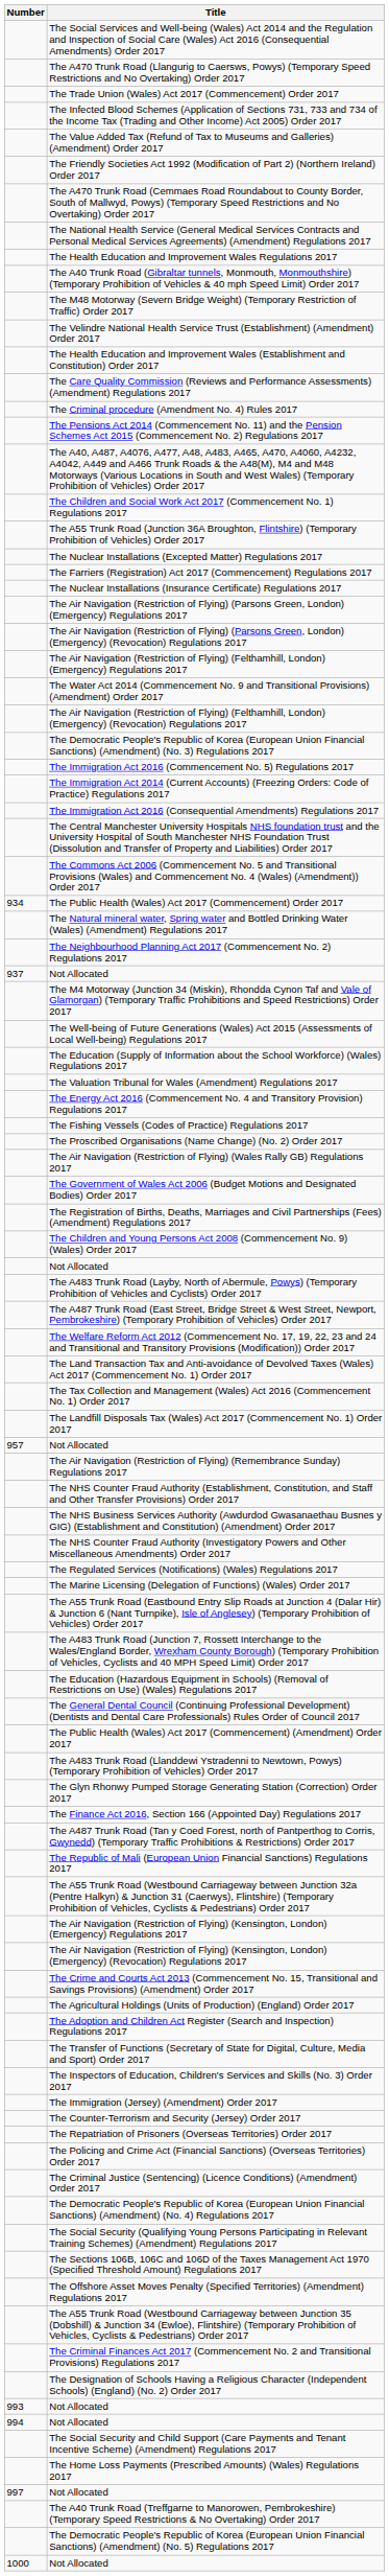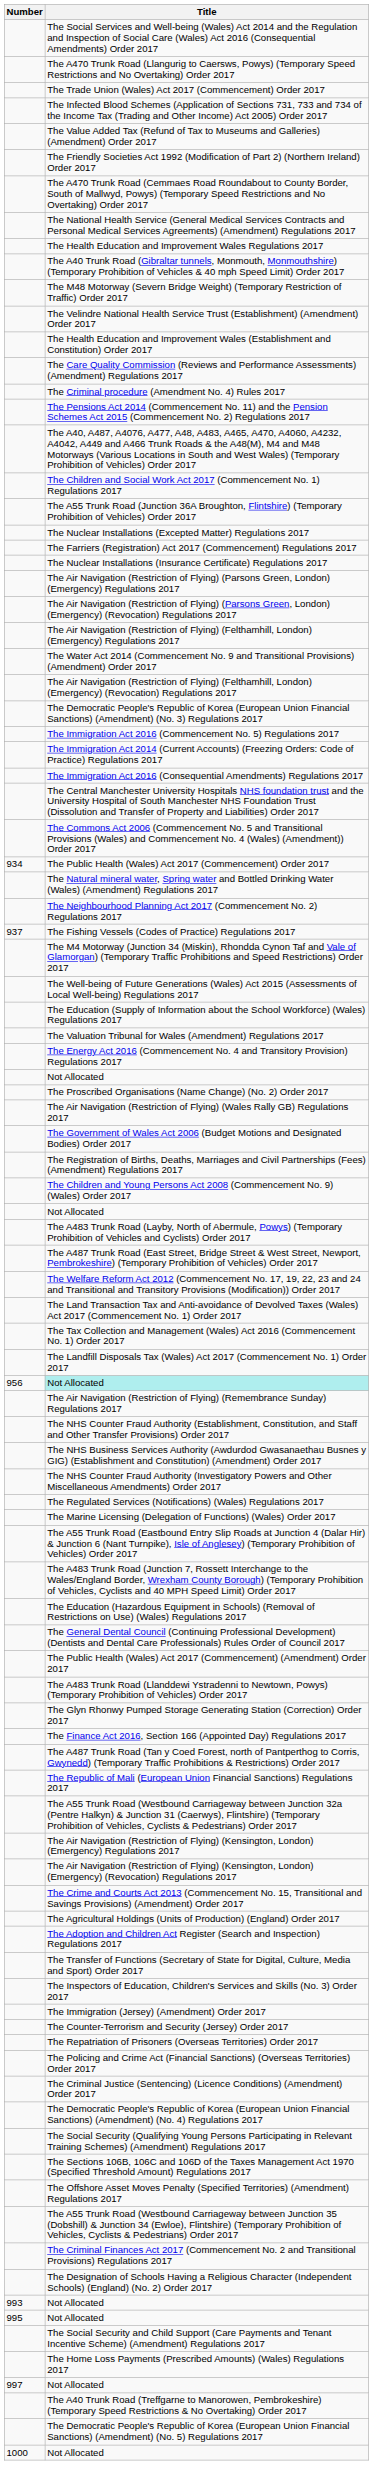 <table class="wikitable collapsible">
 <tr>
 <th>Number</th>
 <th>Title</th>
 </tr>
 <tr>
 <td></td>
 <td>The Social Services and Well-being (Wales) Act 2014 and the Regulation and Inspection of Social Care (Wales) Act 2016 (Consequential Amendments) Order 2017</td>
 </tr>
 <tr>
 <td></td>
 <td>The A470 Trunk Road (Llangurig to Caersws, Powys) (Temporary Speed Restrictions and No Overtaking) Order 2017</td>
 </tr>
 <tr>
 <td></td>
 <td>The Trade Union (Wales) Act 2017 (Commencement) Order 2017</td>
 </tr>
 <tr>
 <td></td>
 <td>The Infected Blood Schemes (Application of Sections 731, 733 and 734 of the Income Tax (Trading and Other Income) Act 2005) Order 2017</td>
 </tr>
 <tr>
 <td></td>
 <td>The Value Added Tax (Refund of Tax to Museums and Galleries) (Amendment) Order 2017</td>
 </tr>
 <tr>
 <td></td>
 <td>The Friendly Societies Act 1992 (Modification of Part 2) (Northern Ireland) Order 2017</td>
 </tr>
 <tr>
 <td></td>
 <td>The A470 Trunk Road (Cemmaes Road Roundabout to County Border, South of Mallwyd, Powys) (Temporary Speed Restrictions and No Overtaking) Order 2017</td>
 </tr>
 <tr>
 <td></td>
 <td>The National Health Service (General Medical Services Contracts and Personal Medical Services Agreements) (Amendment) Regulations 2017</td>
 </tr>
 <tr>
 <td></td>
 <td>The Health Education and Improvement Wales Regulations 2017</td>
 </tr>
 <tr>
 <td></td>
 <td>The A40 Trunk Road (<a href='#'>Gibraltar tunnels</a>, Monmouth, <a href='#'>Monmouthshire</a>) (Temporary Prohibition of Vehicles & 40 mph Speed Limit) Order 2017</td>
 </tr>
 <tr>
 <td></td>
 <td>The M48 Motorway (Severn Bridge Weight) (Temporary Restriction of Traffic) Order 2017</td>
 </tr>
 <tr>
 <td></td>
 <td>The Velindre National Health Service Trust (Establishment) (Amendment) Order 2017</td>
 </tr>
 <tr>
 <td></td>
 <td>The Health Education and Improvement Wales (Establishment and Constitution) Order 2017</td>
 </tr>
 <tr>
 <td></td>
 <td>The <a href='#'>Care Quality Commission</a> (Reviews and Performance Assessments) (Amendment) Regulations 2017</td>
 </tr>
 <tr>
 <td></td>
 <td>The <a href='#'>Criminal procedure</a> (Amendment No. 4) Rules 2017</td>
 </tr>
 <tr>
 <td></td>
 <td><a href='#'>The Pensions Act 2014</a> (Commencement No. 11) and the <a href='#'>Pension Schemes Act 2015</a> (Commencement No. 2) Regulations 2017</td>
 </tr>
 <tr>
 <td></td>
 <td>The A40, A487, A4076, A477, A48, A483, A465, A470, A4060, A4232, A4042, A449 and A466 Trunk Roads & the A48(M), M4 and M48 Motorways (Various Locations in South and West Wales) (Temporary Prohibition of Vehicles) Order 2017</td>
 </tr>
 <tr>
 <td></td>
 <td><a href='#'>The Children and Social Work Act 2017</a> (Commencement No. 1) Regulations 2017</td>
 </tr>
 <tr>
 <td></td>
 <td>The A55 Trunk Road (Junction 36A Broughton, <a href='#'>Flintshire</a>) (Temporary Prohibition of Vehicles) Order 2017</td>
 </tr>
 <tr>
 <td></td>
 <td>The Nuclear Installations (Excepted Matter) Regulations 2017</td>
 </tr>
 <tr>
 <td></td>
 <td>The Farriers (Registration) Act 2017 (Commencement) Regulations 2017</td>
 </tr>
 <tr>
 <td></td>
 <td>The Nuclear Installations (Insurance Certificate) Regulations 2017</td>
 </tr>
 <tr>
 <td></td>
 <td>The Air Navigation (Restriction of Flying) (Parsons Green, London) (Emergency) Regulations 2017</td>
 </tr>
 <tr>
 <td></td>
 <td>The Air Navigation (Restriction of Flying) (<a href='#'>Parsons Green</a>, London) (Emergency) (Revocation) Regulations 2017</td>
 </tr>
 <tr>
 <td></td>
 <td>The Air Navigation (Restriction of Flying) (Felthamhill, London) (Emergency) Regulations 2017</td>
 </tr>
 <tr>
 <td></td>
 <td>The Water Act 2014 (Commencement No. 9 and Transitional Provisions) (Amendment) Order 2017</td>
 </tr>
 <tr>
 <td></td>
 <td>The Air Navigation (Restriction of Flying) (Felthamhill, London) (Emergency) (Revocation) Regulations 2017</td>
 </tr>
 <tr>
 <td></td>
 <td>The Democratic People's Republic of Korea (European Union Financial Sanctions) (Amendment) (No. 3) Regulations 2017</td>
 </tr>
 <tr>
 <td></td>
 <td><a href='#'>The Immigration Act 2016</a> (Commencement No. 5) Regulations 2017</td>
 </tr>
 <tr>
 <td></td>
 <td><a href='#'>The Immigration Act 2014</a> (Current Accounts) (Freezing Orders: Code of Practice) Regulations 2017</td>
 </tr>
 <tr>
 <td></td>
 <td><a href='#'>The Immigration Act 2016</a> (Consequential Amendments) Regulations 2017</td>
 </tr>
 <tr>
 <td></td>
 <td>The Central Manchester University Hospitals <a href='#'>NHS foundation trust</a> and the University Hospital of South Manchester NHS Foundation Trust (Dissolution and Transfer of Property and Liabilities) Order 2017</td>
 </tr>
 <tr>
 <td></td>
 <td><a href='#'>The Commons Act 2006</a> (Commencement No. 5 and Transitional Provisions (Wales) and Commencement No. 4 (Wales) (Amendment)) Order 2017</td>
 </tr>
 <tr>
 <td>934</td>
 <td>The Public Health (Wales) Act 2017 (Commencement) Order 2017</td>
 </tr>
 <tr>
 <td></td>
 <td>The <a href='#'>Natural mineral water</a>, <a href='#'>Spring water</a> and Bottled Drinking Water (Wales) (Amendment) Regulations 2017</td>
 </tr>
 <tr>
 <td></td>
 <td><a href='#'>The Neighbourhood Planning Act 2017</a> (Commencement No. 2) Regulations 2017</td>
 </tr>
 <tr>
 <td>937</td>
-<td>Not Allocated</td>
+<td>The Fishing Vessels (Codes of Practice) Regulations 2017</td>
 </tr>
 <tr>
 <td></td>
 <td>The M4 Motorway (Junction 34 (Miskin), Rhondda Cynon Taf and <a href='#'>Vale of Glamorgan</a>) (Temporary Traffic Prohibitions and Speed Restrictions) Order 2017</td>
 </tr>
 <tr>
 <td></td>
 <td>The Well-being of Future Generations (Wales) Act 2015 (Assessments of Local Well-being) Regulations 2017</td>
 </tr>
 <tr>
 <td></td>
 <td>The Education (Supply of Information about the School Workforce) (Wales) Regulations 2017</td>
 </tr>
 <tr>
 <td></td>
 <td>The Valuation Tribunal for Wales (Amendment) Regulations 2017</td>
 </tr>
 <tr>
 <td></td>
 <td><a href='#'>The Energy Act 2016</a> (Commencement No. 4 and Transitory Provision) Regulations 2017</td>
 </tr>
 <tr>
 <td></td>
-<td>The Fishing Vessels (Codes of Practice) Regulations 2017</td>
+<td>Not Allocated</td>
 </tr>
 <tr>
 <td></td>
 <td>The Proscribed Organisations (Name Change) (No. 2) Order 2017</td>
 </tr>
 <tr>
 <td></td>
 <td>The Air Navigation (Restriction of Flying) (Wales Rally GB) Regulations 2017</td>
 </tr>
 <tr>
 <td></td>
 <td><a href='#'>The Government of Wales Act 2006</a> (Budget Motions and Designated Bodies) Order 2017</td>
 </tr>
 <tr>
 <td></td>
 <td>The Registration of Births, Deaths, Marriages and Civil Partnerships (Fees) (Amendment) Regulations 2017</td>
 </tr>
 <tr>
 <td></td>
 <td><a href='#'>The Children and Young Persons Act 2008</a> (Commencement No. 9) (Wales) Order 2017</td>
 </tr>
 <tr>
 <td></td>
 <td>Not Allocated</td>
 </tr>
 <tr>
 <td></td>
 <td>The A483 Trunk Road (Layby, North of Abermule, <a href='#'>Powys</a>) (Temporary Prohibition of Vehicles and Cyclists) Order 2017</td>
 </tr>
 <tr>
 <td></td>
 <td>The A487 Trunk Road (East Street, Bridge Street & West Street, Newport, <a href='#'>Pembrokeshire</a>) (Temporary Prohibition of Vehicles) Order 2017</td>
 </tr>
 <tr>
 <td></td>
 <td><a href='#'>The Welfare Reform Act 2012</a> (Commencement No. 17, 19, 22, 23 and 24 and Transitional and Transitory Provisions (Modification)) Order 2017</td>
 </tr>
 <tr>
 <td></td>
 <td>The Land Transaction Tax and Anti-avoidance of Devolved Taxes (Wales) Act 2017 (Commencement No. 1) Order 2017</td>
 </tr>
 <tr>
 <td></td>
 <td>The Tax Collection and Management (Wales) Act 2016 (Commencement No. 1) Order 2017</td>
 </tr>
 <tr>
 <td></td>
 <td>The Landfill Disposals Tax (Wales) Act 2017 (Commencement No. 1) Order 2017</td>
 </tr>
 <tr>
-<td>957</td>
-<td>Not Allocated</td>
+<td>956</td>
+<td style="background: paleturquoise;">Not Allocated</td>
 </tr>
 <tr>
 <td></td>
 <td>The Air Navigation (Restriction of Flying) (Remembrance Sunday) Regulations 2017</td>
 </tr>
 <tr>
 <td></td>
 <td>The NHS Counter Fraud Authority (Establishment, Constitution, and Staff and Other Transfer Provisions) Order 2017</td>
 </tr>
 <tr>
 <td></td>
 <td>The NHS Business Services Authority (Awdurdod Gwasanaethau Busnes y GIG) (Establishment and Constitution) (Amendment) Order 2017</td>
 </tr>
 <tr>
 <td></td>
 <td>The NHS Counter Fraud Authority (Investigatory Powers and Other Miscellaneous Amendments) Order 2017</td>
 </tr>
 <tr>
 <td></td>
 <td>The Regulated Services (Notifications) (Wales) Regulations 2017</td>
 </tr>
 <tr>
 <td></td>
 <td>The Marine Licensing (Delegation of Functions) (Wales) Order 2017</td>
 </tr>
 <tr>
 <td></td>
 <td>The A55 Trunk Road (Eastbound Entry Slip Roads at Junction 4 (Dalar Hir) & Junction 6 (Nant Turnpike), <a href='#'>Isle of Anglesey</a>) (Temporary Prohibition of Vehicles) Order 2017</td>
 </tr>
 <tr>
 <td></td>
 <td>The A483 Trunk Road (Junction 7, Rossett Interchange to the Wales/England Border, <a href='#'>Wrexham County Borough</a>) (Temporary Prohibition of Vehicles, Cyclists and 40 MPH Speed Limit) Order 2017</td>
 </tr>
 <tr>
 <td></td>
 <td>The Education (Hazardous Equipment in Schools) (Removal of Restrictions on Use) (Wales) Regulations 2017</td>
 </tr>
 <tr>
 <td></td>
 <td>The <a href='#'>General Dental Council</a> (Continuing Professional Development) (Dentists and Dental Care Professionals) Rules Order of Council 2017</td>
 </tr>
 <tr>
 <td></td>
 <td>The Public Health (Wales) Act 2017 (Commencement) (Amendment) Order 2017</td>
 </tr>
 <tr>
 <td></td>
 <td>The A483 Trunk Road (Llanddewi Ystradenni to Newtown, Powys) (Temporary Prohibition of Vehicles) Order 2017</td>
 </tr>
 <tr>
 <td></td>
 <td>The Glyn Rhonwy Pumped Storage Generating Station (Correction) Order 2017</td>
 </tr>
 <tr>
 <td></td>
 <td>The <a href='#'>Finance Act 2016</a>, Section 166 (Appointed Day) Regulations 2017</td>
 </tr>
 <tr>
 <td></td>
 <td>The A487 Trunk Road (Tan y Coed Forest, north of Pantperthog to Corris, <a href='#'>Gwynedd</a>) (Temporary Traffic Prohibitions & Restrictions) Order 2017</td>
 </tr>
 <tr>
 <td></td>
 <td><a href='#'>The Republic of Mali</a> (<a href='#'>European Union</a> Financial Sanctions) Regulations 2017</td>
 </tr>
 <tr>
 <td></td>
 <td>The A55 Trunk Road (Westbound Carriageway between Junction 32a (Pentre Halkyn) & Junction 31 (Caerwys), Flintshire) (Temporary Prohibition of Vehicles, Cyclists & Pedestrians) Order 2017</td>
 </tr>
 <tr>
 <td></td>
 <td>The Air Navigation (Restriction of Flying) (Kensington, London) (Emergency) Regulations 2017</td>
 </tr>
 <tr>
 <td></td>
 <td>The Air Navigation (Restriction of Flying) (Kensington, London) (Emergency) (Revocation) Regulations 2017</td>
 </tr>
 <tr>
 <td></td>
 <td><a href='#'>The Crime and Courts Act 2013</a> (Commencement No. 15, Transitional and Savings Provisions) (Amendment) Order 2017</td>
 </tr>
 <tr>
 <td></td>
 <td>The Agricultural Holdings (Units of Production) (England) Order 2017</td>
 </tr>
 <tr>
 <td></td>
 <td><a href='#'>The Adoption and Children Act</a> Register (Search and Inspection) Regulations 2017</td>
 </tr>
 <tr>
 <td></td>
 <td>The Transfer of Functions (Secretary of State for Digital, Culture, Media and Sport) Order 2017</td>
 </tr>
 <tr>
 <td></td>
 <td>The Inspectors of Education, Children's Services and Skills (No. 3) Order 2017</td>
 </tr>
 <tr>
 <td></td>
 <td>The Immigration (Jersey) (Amendment) Order 2017</td>
 </tr>
 <tr>
 <td></td>
 <td>The Counter-Terrorism and Security (Jersey) Order 2017</td>
 </tr>
 <tr>
 <td></td>
 <td>The Repatriation of Prisoners (Overseas Territories) Order 2017</td>
 </tr>
 <tr>
 <td></td>
 <td>The Policing and Crime Act (Financial Sanctions) (Overseas Territories) Order 2017</td>
 </tr>
 <tr>
 <td></td>
 <td>The Criminal Justice (Sentencing) (Licence Conditions) (Amendment) Order 2017</td>
 </tr>
 <tr>
 <td></td>
 <td>The Democratic People's Republic of Korea (European Union Financial Sanctions) (Amendment) (No. 4) Regulations 2017</td>
 </tr>
 <tr>
 <td></td>
 <td>The Social Security (Qualifying Young Persons Participating in Relevant Training Schemes) (Amendment) Regulations 2017</td>
 </tr>
 <tr>
 <td></td>
 <td>The Sections 106B, 106C and 106D of the Taxes Management Act 1970 (Specified Threshold Amount) Regulations 2017</td>
 </tr>
 <tr>
 <td></td>
 <td>The Offshore Asset Moves Penalty (Specified Territories) (Amendment) Regulations 2017</td>
 </tr>
 <tr>
 <td></td>
 <td>The A55 Trunk Road (Westbound Carriageway between Junction 35 (Dobshill) & Junction 34 (Ewloe), Flintshire) (Temporary Prohibition of Vehicles, Cyclists & Pedestrians) Order 2017</td>
 </tr>
 <tr>
 <td></td>
 <td><a href='#'>The Criminal Finances Act 2017</a> (Commencement No. 2 and Transitional Provisions) Regulations 2017</td>
 </tr>
 <tr>
 <td></td>
 <td>The Designation of Schools Having a Religious Character (Independent Schools) (England) (No. 2) Order 2017</td>
 </tr>
 <tr>
 <td>993</td>
 <td>Not Allocated</td>
 </tr>
 <tr>
-<td>994</td>
+<td>995</td>
 <td>Not Allocated</td>
 </tr>
 <tr>
 <td></td>
 <td>The Social Security and Child Support (Care Payments and Tenant Incentive Scheme) (Amendment) Regulations 2017</td>
 </tr>
 <tr>
 <td></td>
 <td>The Home Loss Payments (Prescribed Amounts) (Wales) Regulations 2017</td>
 </tr>
 <tr>
 <td>997</td>
 <td>Not Allocated</td>
 </tr>
 <tr>
 <td></td>
 <td>The A40 Trunk Road (Treffgarne to Manorowen, Pembrokeshire) (Temporary Speed Restrictions & No Overtaking) Order 2017</td>
 </tr>
 <tr>
 <td></td>
 <td>The Democratic People's Republic of Korea (European Union Financial Sanctions) (Amendment) (No. 5) Regulations 2017</td>
 </tr>
 <tr>
 <td>1000</td>
 <td>Not Allocated</td>
 </tr>
 </table>
